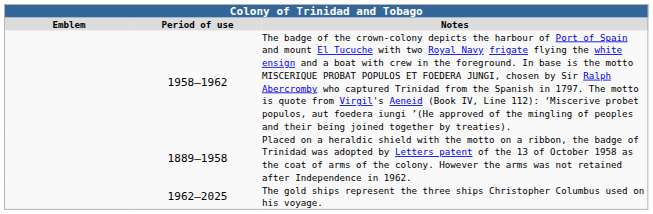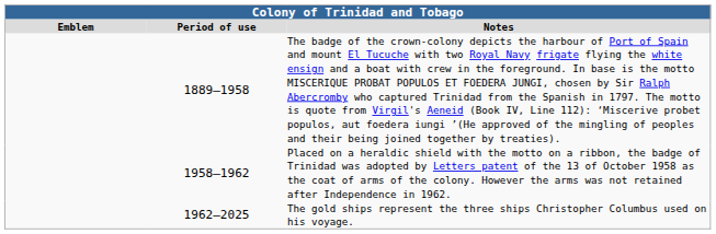 <table width="60%" cellpadding="0" cellspacing="0" border="0" border="1" cellpadding="4" cellspacing="0" style="margin: 0.5em 1em 0.5em 0; background: #f9f9f9; border: 1px #aaa solid; border-collapse: collapse;">
 <tr>
 <td align="center" colspan=3 style="background-color:#369; color:white;"><strong>Colony of Trinidad and Tobago</strong></td>
 </tr>
 <tr>
 <th bgcolor = "#DCDCDC" width = "20%"><small>Emblem</small></th>
 <th bgcolor = "#DCDCDC" width = "20%"><small>Period of use</small></th>
 <th bgcolor = "#DCDCDC" width = "60%"><small>Notes</small></th>
 </tr>
 <tr>
 <td align="center"></td>
-<td align="center">1958–1962</td>
+<td align="center">1889–1958</td>
 <td><small>The badge of the crown-colony depicts the harbour of <a href='#'>Port of Spain</a> and mount <a href='#'>El Tucuche</a> with two <a href='#'>Royal Navy</a> <a href='#'>frigate</a> flying the <a href='#'>white ensign</a> and a boat with crew in the foreground. In base is the motto MISCERIQUE PROBAT POPULOS ET FOEDERA JUNGI, chosen by Sir <a href='#'>Ralph Abercromby</a> who captured Trinidad from the Spanish in 1797. The motto is quote from <a href='#'>Virgil</a>'s <a href='#'>Aeneid</a> (Book IV, Line 112): ‘Miscerive probet populos, aut foedera iungi ’(He approved of the mingling of peoples and their being joined together by treaties).</small></td>
 </tr>
 <tr>
 <td align="center"></td>
-<td align="center">1889–1958</td>
+<td align="center">1958–1962</td>
 <td><small>Placed on a heraldic shield with the motto on a ribbon, the badge of Trinidad was adopted by <a href='#'>Letters patent</a> of the 13 of October 1958 as the coat of arms of the colony. However the arms was not retained after Independence in 1962.</small></td>
 </tr>
 <tr>
 <td align="center"></td>
 <td align="center">1962–2025</td>
 <td><small>The gold ships represent the three ships Christopher Columbus used on his voyage.</small></td>
 </tr>
 <tr>
 </tr>
 </table>
